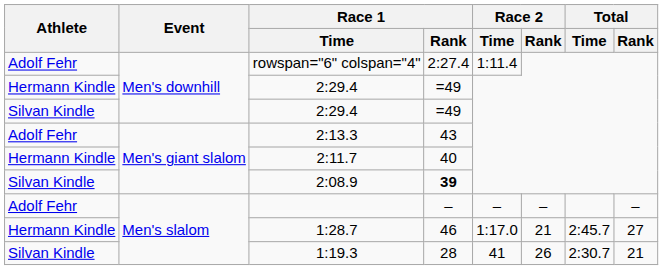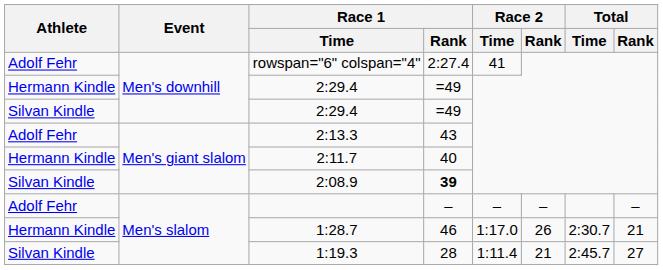 <table class="wikitable" style="font-size:90%">
 <tr>
 <th rowspan="2">Athlete</th>
 <th rowspan="2">Event</th>
 <th colspan="2">Race 1</th>
 <th colspan="2">Race 2</th>
 <th colspan="2">Total</th>
 </tr>
 <tr>
 <th>Time</th>
 <th>Rank</th>
 <th>Time</th>
 <th>Rank</th>
 <th>Time</th>
 <th>Rank</th>
 </tr>
 <tr>
 <td><a href='#'>Adolf Fehr</a></td>
 <td rowspan="3"><a href='#'>Men's downhill</a></td>
 <td>rowspan="6" colspan="4" </td>
 <td align="center">2:27.4</td>
-<td align="center">1:11.4</td>
+<td align="center">41</td>
 </tr>
 <tr>
 <td><a href='#'>Hermann Kindle</a></td>
 <td align="center">2:29.4</td>
 <td align="center">=49</td>
 </tr>
 <tr>
 <td><a href='#'>Silvan Kindle</a></td>
 <td align="center">2:29.4</td>
 <td align="center">=49</td>
 </tr>
 <tr>
 <td><a href='#'>Adolf Fehr</a></td>
 <td rowspan="3"><a href='#'>Men's giant slalom</a></td>
 <td align="center">2:13.3</td>
 <td align="center">43</td>
 </tr>
 <tr>
 <td><a href='#'>Hermann Kindle</a></td>
 <td align="center">2:11.7</td>
 <td align="center">40</td>
 </tr>
 <tr>
 <td><a href='#'>Silvan Kindle</a></td>
 <td align="center">2:08.9</td>
 <td align="center"><strong>39</strong></td>
 </tr>
 <tr>
 <td><a href='#'>Adolf Fehr</a></td>
 <td rowspan="3"><a href='#'>Men's slalom</a></td>
 <td align="center"></td>
 <td align="center">–</td>
 <td align="center">–</td>
 <td align="center">–</td>
 <td align="center"></td>
 <td align="center">–</td>
 </tr>
 <tr>
 <td><a href='#'>Hermann Kindle</a></td>
 <td align="center">1:28.7</td>
 <td align="center">46</td>
 <td align="center">1:17.0</td>
+<td align="center">26</td>
+<td align="center">2:30.7</td>
 <td align="center">21</td>
-<td align="center">2:45.7</td>
-<td align="center">27</td>
 </tr>
 <tr>
 <td><a href='#'>Silvan Kindle</a></td>
 <td align="center">1:19.3</td>
 <td align="center">28</td>
-<td align="center">41</td>
-<td align="center">26</td>
-<td align="center">2:30.7</td>
+<td align="center">1:11.4</td>
 <td align="center">21</td>
+<td align="center">2:45.7</td>
+<td align="center">27</td>
 </tr>
 </table>
